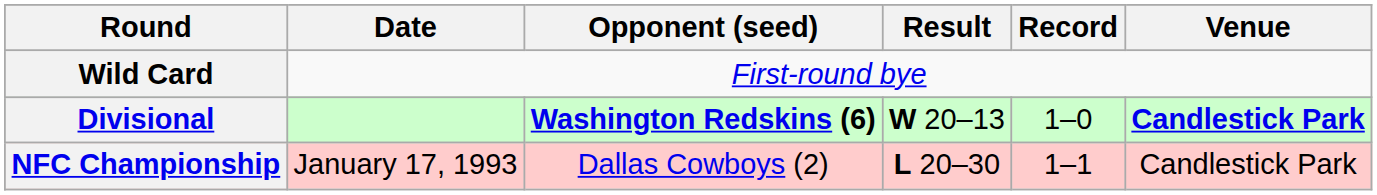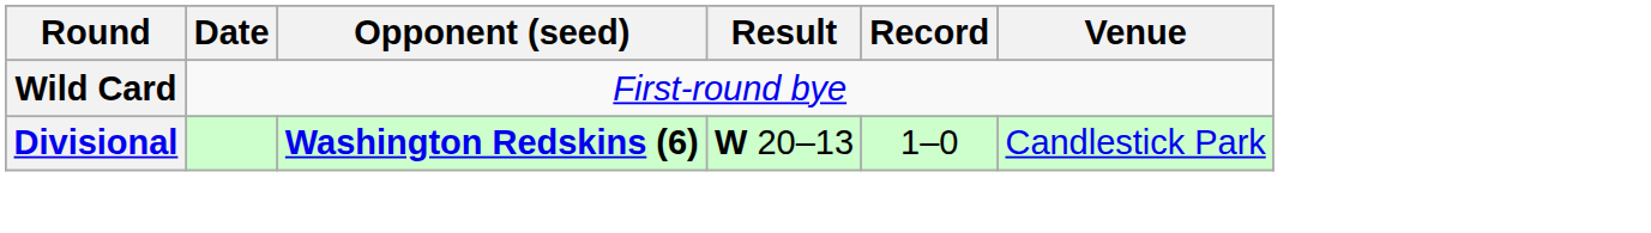 <table class="wikitable" style="text-align:center">
 <tr>
 <th>Round</th>
 <th>Date</th>
 <th>Opponent (seed)</th>
 <th>Result</th>
 <th>Record</th>
 <th>Venue</th>
 </tr>
 <tr>
 <th>Wild Card</th>
 <td colspan="5"><em><a href='#'>First-round bye</a></em></td>
 </tr>
 <tr style="background:#cfc">
 <th><a href='#'>Divisional</a></th>
 <td></td>
 <td><strong><a href='#'>Washington Redskins</a> (6)</strong></td>
 <td><strong>W</strong> 20–13</td>
 <td>1–0</td>
-<td><strong><a href='#'>Candlestick Park</a></strong></td>
-</tr>
-<tr style="background:#fcc">
-<th><a href='#'>NFC Championship</a></th>
-<td>January 17, 1993</td>
-<td><a href='#'>Dallas Cowboys</a> (2)</td>
-<td><strong>L</strong> 20–30</td>
-<td>1–1</td>
-<td>Candlestick Park</td>
+<td><a href='#'>Candlestick Park</a></td>
 </tr>
 </table>
